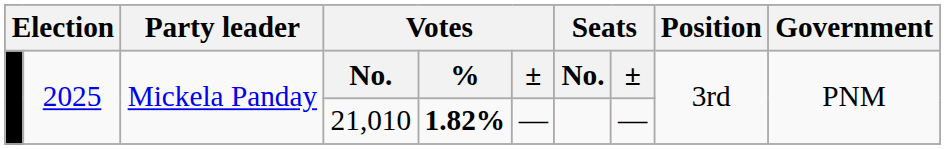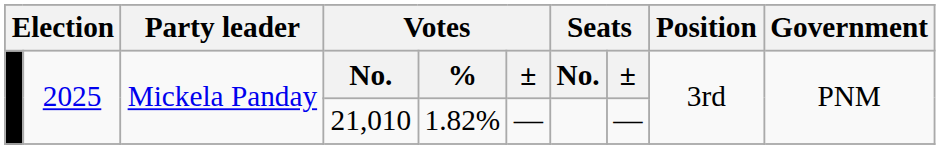 <table class="wikitable" style="text-align:center">
 <tr>
 <th colspan="2">Election</th>
 <th>Party leader</th>
 <th colspan="3">Votes</th>
 <th colspan="2">Seats</th>
 <th>Position</th>
 <th>Government</th>
 </tr>
 <tr>
 <td rowspan="2" ! style="background-color: #000000"></td>
 <td rowspan="2"><a href='#'>2025</a></td>
 <td rowspan="2"><a href='#'>Mickela Panday</a></td>
 <th>No.</th>
 <th>%</th>
 <th>±</th>
 <th>No.</th>
 <th>±</th>
 <td rowspan="2">3rd</td>
 <td rowspan="2">PNM</td>
 </tr>
 <tr>
 <td>21,010</td>
-<td><strong>1.82%</strong></td>
+<td>1.82%</td>
 <td>—</td>
 <td></td>
 <td>—</td>
 </tr>
 </table>
